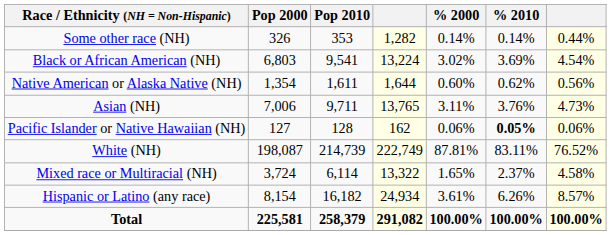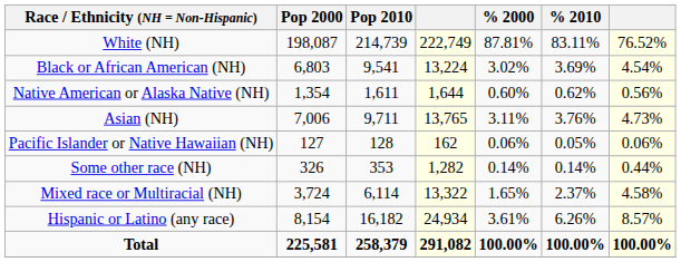 <table class="wikitable" style="text-align:center;">
 <tr>
 <th>Race / Ethnicity <small>(<em>NH = Non-Hispanic</em>)</small></th>
 <th>Pop 2000</th>
 <th>Pop 2010</th>
 <th></th>
 <th>% 2000</th>
 <th>% 2010</th>
 <th></th>
 </tr>
 <tr>
-<td><a href='#'>Some other race</a> (NH)</td>
-<td>326</td>
-<td>353</td>
-<td style='background: #ffffe6;'>1,282</td>
-<td>0.14%</td>
-<td>0.14%</td>
-<td style='background: #ffffe6;'>0.44%</td>
+<td><a href='#'>White</a> (NH)</td>
+<td>198,087</td>
+<td>214,739</td>
+<td style='background: #ffffe6;'>222,749</td>
+<td>87.81%</td>
+<td>83.11%</td>
+<td style='background: #ffffe6;'>76.52%</td>
 </tr>
 <tr>
 <td><a href='#'>Black or African American</a> (NH)</td>
 <td>6,803</td>
 <td>9,541</td>
 <td style='background: #ffffe6;'>13,224</td>
 <td>3.02%</td>
 <td>3.69%</td>
 <td style='background: #ffffe6;'>4.54%</td>
 </tr>
 <tr>
 <td><a href='#'>Native American</a> or <a href='#'>Alaska Native</a> (NH)</td>
 <td>1,354</td>
 <td>1,611</td>
 <td style='background: #ffffe6;'>1,644</td>
 <td>0.60%</td>
 <td>0.62%</td>
 <td style='background: #ffffe6;'>0.56%</td>
 </tr>
 <tr>
 <td><a href='#'>Asian</a> (NH)</td>
 <td>7,006</td>
 <td>9,711</td>
 <td style='background: #ffffe6;'>13,765</td>
 <td>3.11%</td>
 <td>3.76%</td>
 <td style='background: #ffffe6;'>4.73%</td>
 </tr>
 <tr>
 <td><a href='#'>Pacific Islander</a> or <a href='#'>Native Hawaiian</a> (NH)</td>
 <td>127</td>
 <td>128</td>
 <td style='background: #ffffe6;'>162</td>
 <td>0.06%</td>
-<td><strong>0.05%</strong></td>
+<td>0.05%</td>
 <td style='background: #ffffe6;'>0.06%</td>
 </tr>
 <tr>
-<td><a href='#'>White</a> (NH)</td>
-<td>198,087</td>
-<td>214,739</td>
-<td style='background: #ffffe6;'>222,749</td>
-<td>87.81%</td>
-<td>83.11%</td>
-<td style='background: #ffffe6;'>76.52%</td>
+<td><a href='#'>Some other race</a> (NH)</td>
+<td>326</td>
+<td>353</td>
+<td style='background: #ffffe6;'>1,282</td>
+<td>0.14%</td>
+<td>0.14%</td>
+<td style='background: #ffffe6;'>0.44%</td>
 </tr>
 <tr>
 <td><a href='#'>Mixed race or Multiracial</a> (NH)</td>
 <td>3,724</td>
 <td>6,114</td>
 <td style='background: #ffffe6;'>13,322</td>
 <td>1.65%</td>
 <td>2.37%</td>
 <td style='background: #ffffe6;'>4.58%</td>
 </tr>
 <tr>
 <td><a href='#'>Hispanic or Latino</a> (any race)</td>
 <td>8,154</td>
 <td>16,182</td>
 <td style='background: #ffffe6;'>24,934</td>
 <td>3.61%</td>
 <td>6.26%</td>
 <td style='background: #ffffe6;'>8.57%</td>
 </tr>
 <tr>
 <td><strong>Total</strong></td>
 <td><strong>225,581</strong></td>
 <td><strong>258,379</strong></td>
 <td style='background: #ffffe6;'><strong>291,082</strong></td>
 <td><strong>100.00%</strong></td>
 <td><strong>100.00%</strong></td>
 <td style='background: #ffffe6;'><strong>100.00%</strong></td>
 </tr>
 <tr>
 </tr>
 </table>
